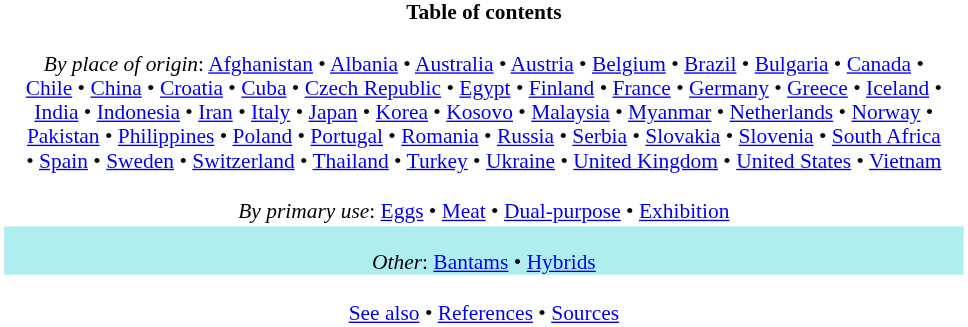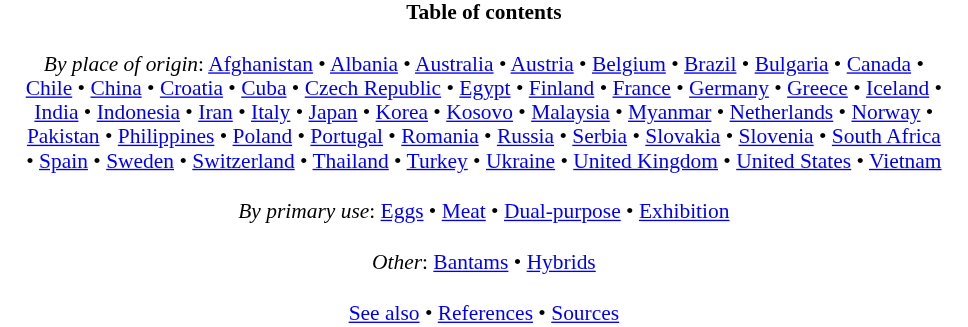 <table class="toccolours" style="margin:0 auto; width:45em; clear:both;">
 <tr>
 <th>Table of contents</th>
 </tr>
 <tr>
 <td style="padding:0 2% 0 2%; text-align:center;"><br><em>By place of origin</em>: <a href='#'>Afghanistan</a> • <a href='#'>Albania</a> • <a href='#'>Australia</a> • <a href='#'>Austria</a> • <a href='#'>Belgium</a> • <a href='#'>Brazil</a> • <a href='#'>Bulgaria</a> • <a href='#'>Canada</a> • <a href='#'>Chile</a> • <a href='#'>China</a> • <a href='#'>Croatia</a> • <a href='#'>Cuba</a> • <a href='#'>Czech Republic</a> • <a href='#'>Egypt</a> • <a href='#'>Finland</a> • <a href='#'>France</a> • <a href='#'>Germany</a> • <a href='#'>Greece</a> • <a href='#'>Iceland</a> • <a href='#'>India</a> • <a href='#'>Indonesia</a> • <a href='#'>Iran</a> • <a href='#'>Italy</a> • <a href='#'>Japan</a> • <a href='#'>Korea</a> • <a href='#'>Kosovo</a> • <a href='#'>Malaysia</a> • <a href='#'>Myanmar</a> • <a href='#'>Netherlands</a> • <a href='#'>Norway</a> • <a href='#'>Pakistan</a> • <a href='#'>Philippines</a> • <a href='#'>Poland</a> • <a href='#'>Portugal</a> • <a href='#'>Romania</a> • <a href='#'>Russia</a> • <a href='#'>Serbia</a> • <a href='#'>Slovakia</a> • <a href='#'>Slovenia</a> • <a href='#'>South Africa</a> • <a href='#'>Spain</a> • <a href='#'>Sweden</a> • <a href='#'>Switzerland</a> • <a href='#'>Thailand</a> • <a href='#'>Turkey</a> • <a href='#'>Ukraine</a> • <a href='#'>United Kingdom</a> • <a href='#'>United States</a> • <a href='#'>Vietnam</a></td>
 </tr>
 <tr>
 <td style="padding:0 2% 0 2%; text-align:center;"><br><em>By primary use</em>: <a href='#'>Eggs</a> • <a href='#'>Meat</a> • <a href='#'>Dual-purpose</a> • <a href='#'>Exhibition</a></td>
 </tr>
 <tr>
-<td style="background: paleturquoise; padding:0 2% 0 2%; text-align:center;"><br><em>Other</em>: <a href='#'>Bantams</a> • <a href='#'>Hybrids</a></td>
+<td style="padding:0 2% 0 2%; text-align:center;"><br><em>Other</em>: <a href='#'>Bantams</a> • <a href='#'>Hybrids</a></td>
 </tr>
 <tr>
 <td style="padding:0 2% 0 2%; text-align:center;"><br><a href='#'>See also</a> • <a href='#'>References</a> • <a href='#'>Sources</a></td>
 </tr>
 </table>
